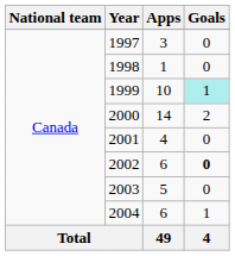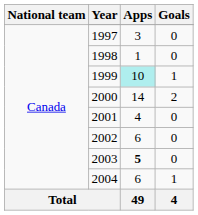 <table class="wikitable" style="text-align:center">
 <tr>
 <th>National team</th>
 <th>Year</th>
 <th>Apps</th>
 <th>Goals</th>
 </tr>
 <tr>
 <td rowspan=9><a href='#'>Canada</a></td>
 </tr>
 <tr>
 <td>1997</td>
 <td>3</td>
 <td>0</td>
 </tr>
 <tr>
 <td>1998</td>
 <td>1</td>
 <td>0</td>
 </tr>
 <tr>
 <td>1999</td>
-<td>10</td>
-<td style="background: paleturquoise;">1</td>
+<td style="background: paleturquoise;">10</td>
+<td>1</td>
 </tr>
 <tr>
 <td>2000</td>
 <td>14</td>
 <td>2</td>
 </tr>
 <tr>
 <td>2001</td>
 <td>4</td>
 <td>0</td>
 </tr>
 <tr>
 <td>2002</td>
 <td>6</td>
-<td><strong>0</strong></td>
+<td>0</td>
 </tr>
 <tr>
 <td>2003</td>
-<td>5</td>
+<td><strong>5</strong></td>
 <td>0</td>
 </tr>
 <tr>
 <td>2004</td>
 <td>6</td>
 <td>1</td>
 </tr>
 <tr>
 <th colspan=2>Total</th>
 <th>49</th>
 <th>4</th>
 </tr>
 </table>
